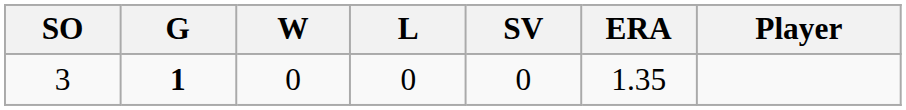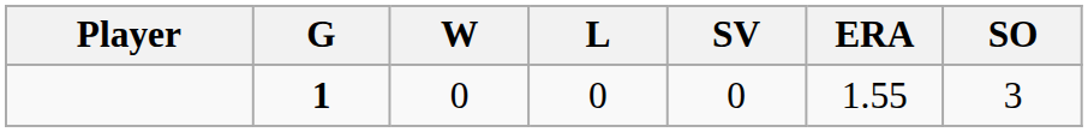 <table class="wikitable sortable">
 <tr>
-<th bgcolor="#DDDDFF" width="9%">SO</th>
+<th bgcolor="#DDDDFF" width="16%">Player</th>
 <th bgcolor="#DDDDFF" width="9%">G</th>
 <th bgcolor="#DDDDFF" width="9%">W</th>
 <th bgcolor="#DDDDFF" width="9%">L</th>
 <th bgcolor="#DDDDFF" width="9%">SV</th>
 <th bgcolor="#DDDDFF" width="9%">ERA</th>
-<th bgcolor="#DDDDFF" width="16%">Player</th>
+<th bgcolor="#DDDDFF" width="9%">SO</th>
 </tr>
 <tr align="center">
-<td>3</td>
+<td></td>
 <td><strong>1</strong></td>
 <td>0</td>
 <td>0</td>
 <td>0</td>
-<td>1.35</td>
-<td></td>
+<td>1.55</td>
+<td>3</td>
 </tr>
 </table>
